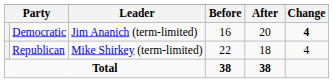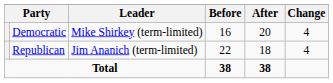 <table class="wikitable" style="text-align:center;">
 <tr>
 </tr>
 <tr>
 <th colspan=2>Party</th>
 <th>Leader</th>
 <th style="width:3em">Before</th>
 <th style="width:3em">After</th>
 <th style="width:3em">Change</th>
 </tr>
 <tr>
 <th style="background-color:"></th>
 <td style="text-align:left;"><a href='#'>Democratic</a></td>
-<td style="text-align:left;"><a href='#'>Jim Ananich</a> (term-limited)</td>
+<td style="text-align:left;"><a href='#'>Mike Shirkey</a> (term-limited)</td>
 <td>16</td>
 <td>20</td>
-<td><strong> 4</strong></td>
+<td> 4</td>
 </tr>
 <tr>
 <th style="background-color:"></th>
 <td style="text-align:left;"><a href='#'>Republican</a></td>
-<td style="text-align:left;"><a href='#'>Mike Shirkey</a> (term-limited)</td>
+<td style="text-align:left;"><a href='#'>Jim Ananich</a> (term-limited)</td>
 <td>22</td>
 <td>18</td>
 <td> 4</td>
 </tr>
 <tr>
 <td colspan=3><strong>Total</strong></td>
 <td><strong>38</strong></td>
 <td><strong>38</strong></td>
 <td></td>
 </tr>
 </table>
